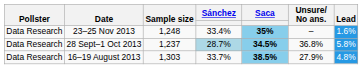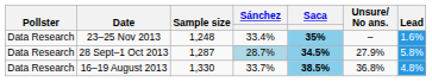 <table class="nowrap wikitable" style="text-align:center;font-size:85%;line-height:14px">
 <tr style="vertical-align:bottom">
 <th rowspan="2">Pollster</th>
 <th rowspan="2">Date</th>
 <th rowspan="2">Sample size</th>
 <th style="width:5em"><a href='#'>Sánchez</a><br></th>
 <th style="width:5em"><a href='#'>Saca</a><br></th>
 <th rowspan="2" style="width:5em">Unsure/<br>No ans.</th>
 <th rowspan="2">Lead</th>
 </tr>
 <tr>
 <th style="background:"></th>
 <th style="background:"></th>
 </tr>
 <tr>
 <td>Data Research</td>
 <td>23–25 Nov 2013</td>
 <td>1,248</td>
 <td>33.4%</td>
 <td style="background:#87ceeb;font-weight:bold">35%</td>
 <td>–</td>
 <td style=background:#2699E4;color:white>1.6%</td>
 </tr>
 <tr>
 <td>Data Research</td>
 <td>28 Sept–1 Oct 2013</td>
-<td>1,237</td>
+<td>1,287</td>
 <td style="background: lightblue;">28.7%</td>
 <td style="background:#87ceeb;font-weight:bold">34.5%</td>
-<td>36.8%</td>
+<td>27.9%</td>
 <td style=background:#2699E4;color:white>5.8%</td>
 </tr>
 <tr>
 <td>Data Research</td>
 <td>16–19 August 2013</td>
-<td>1,303</td>
+<td>1,330</td>
 <td>33.7%</td>
 <td style="background:#87ceeb;font-weight:bold">38.5%</td>
-<td>27.9%</td>
+<td>36.8%</td>
 <td style=background:#2699E4;color:white>4.8%</td>
 </tr>
 </table>
